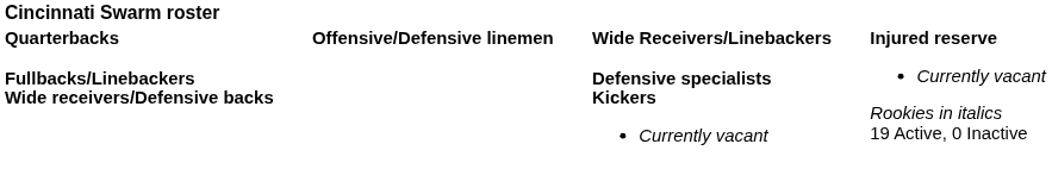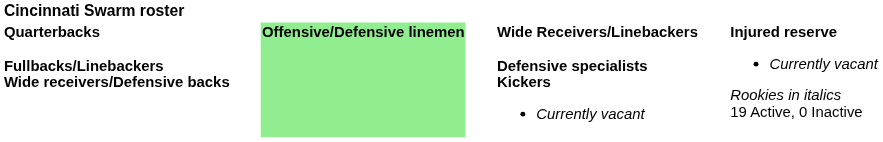 <table class="toccolours" style="text-align: left;">
 <tr>
 <th colspan=7><strong>Cincinnati Swarm roster</strong></th>
 </tr>
 <tr>
 <td style="font-size: 95%;" valign="top"><strong>Quarterbacks</strong><br><br><strong>Fullbacks/Linebackers</strong>   <br><strong>Wide receivers/Defensive backs</strong>    </td>
 <td style="width: 25px;"></td>
-<td style="font-size: 95%;" valign="top"><strong>Offensive/Defensive linemen</strong><br>      </td>
+<td style="background: lightgreen; font-size: 95%;" valign="top"><strong>Offensive/Defensive linemen</strong><br>      </td>
 <td style="width: 25px;"></td>
 <td style="font-size: 95%;" valign="top"><strong>Wide Receivers/Linebackers</strong><br>   <br><strong>Defensive specialists</strong>  <br><strong>Kickers</strong><ul><li><em>Currently vacant</em></li></ul></td>
 <td style="width: 25px;"></td>
 <td style="font-size: 95%;" valign="top"><strong>Injured reserve</strong><br><ul><li><em>Currently vacant</em></li></ul><em>Rookies in italics</em><br> 19 Active, 0 Inactive</td>
 </tr>
 <tr>
 </tr>
 </table>
